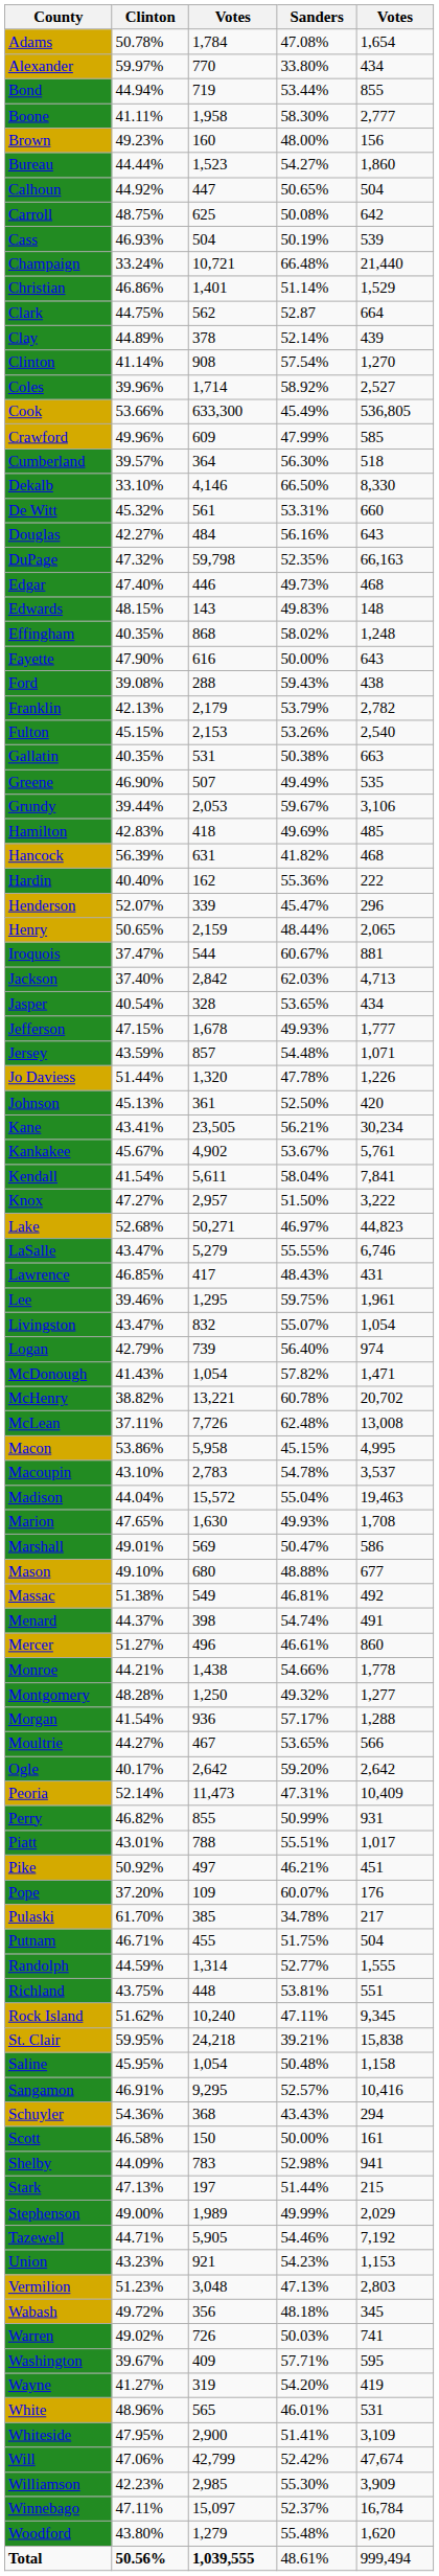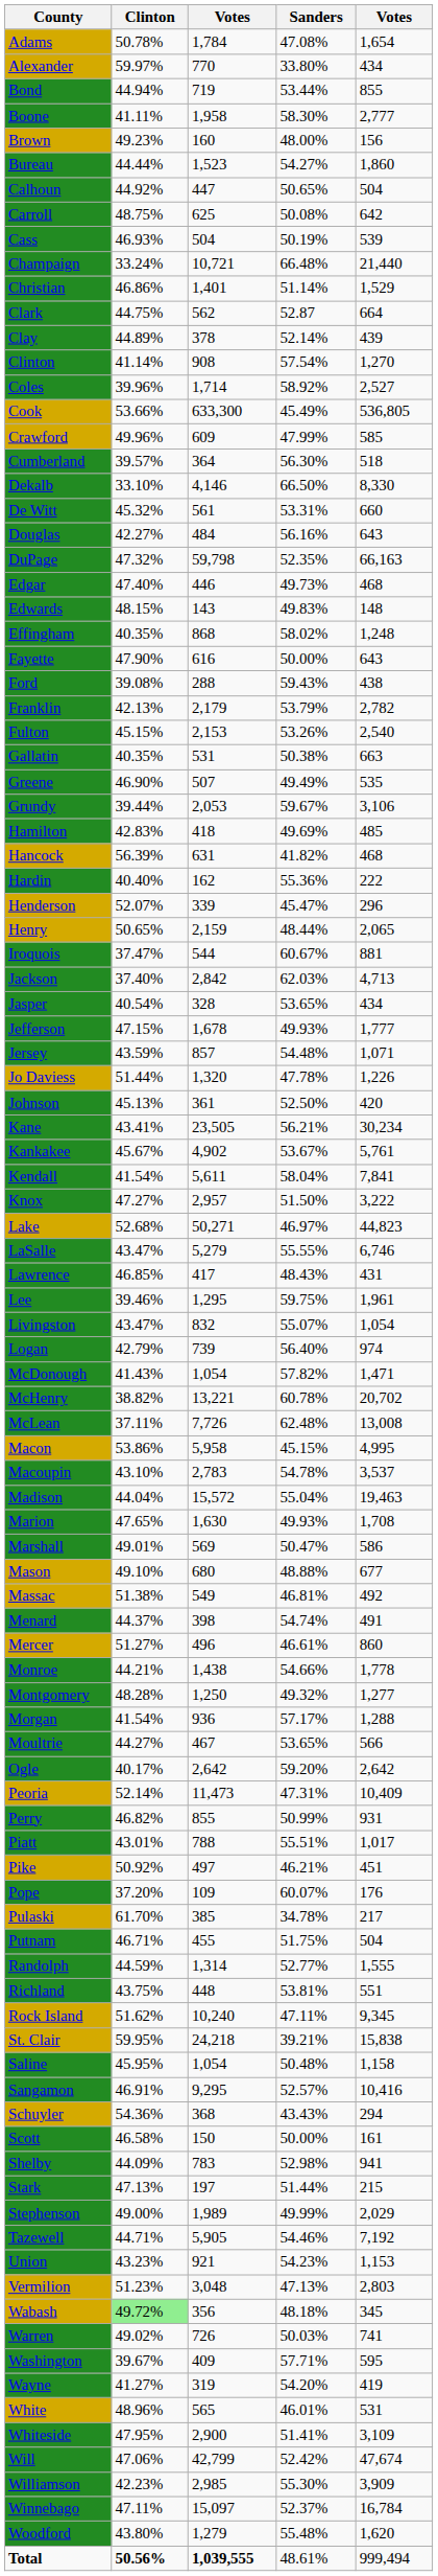 <table width="50%" class="wikitable sortable">
 <tr>
 <th width="10%">County</th>
 <th width="10%">Clinton</th>
 <th width="10%">Votes</th>
 <th width="10%">Sanders</th>
 <th width="10%">Votes</th>
 </tr>
 <tr>
 <td style="background:#D4AA00;"><a href='#'>Adams</a></td>
 <td>50.78%</td>
 <td>1,784</td>
 <td>47.08%</td>
 <td>1,654</td>
 </tr>
 <tr>
 <td style="background:#D4AA00;"><a href='#'>Alexander</a></td>
 <td>59.97%</td>
 <td>770</td>
 <td>33.80%</td>
 <td>434</td>
 </tr>
 <tr>
 <td style="background:#228B22;"><a href='#'>Bond</a></td>
 <td>44.94%</td>
 <td>719</td>
 <td>53.44%</td>
 <td>855</td>
 </tr>
 <tr>
 <td style="background:#228B22;"><a href='#'>Boone</a></td>
 <td>41.11%</td>
 <td>1,958</td>
 <td>58.30%</td>
 <td>2,777</td>
 </tr>
 <tr>
 <td style="background:#D4AA00;"><a href='#'>Brown</a></td>
 <td>49.23%</td>
 <td>160</td>
 <td>48.00%</td>
 <td>156</td>
 </tr>
 <tr>
 <td style="background:#228B22;"><a href='#'>Bureau</a></td>
 <td>44.44%</td>
 <td>1,523</td>
 <td>54.27%</td>
 <td>1,860</td>
 </tr>
 <tr>
 <td style="background:#228B22;"><a href='#'>Calhoun</a></td>
 <td>44.92%</td>
 <td>447</td>
 <td>50.65%</td>
 <td>504</td>
 </tr>
 <tr>
 <td style="background:#228B22;"><a href='#'>Carroll</a></td>
 <td>48.75%</td>
 <td>625</td>
 <td>50.08%</td>
 <td>642</td>
 </tr>
 <tr>
 <td style="background:#228B22;"><a href='#'>Cass</a></td>
 <td>46.93%</td>
 <td>504</td>
 <td>50.19%</td>
 <td>539</td>
 </tr>
 <tr>
 <td style="background:#228B22;"><a href='#'>Champaign</a></td>
 <td>33.24%</td>
 <td>10,721</td>
 <td>66.48%</td>
 <td>21,440</td>
 </tr>
 <tr>
 <td style="background:#228B22;"><a href='#'>Christian</a></td>
 <td>46.86%</td>
 <td>1,401</td>
 <td>51.14%</td>
 <td>1,529</td>
 </tr>
 <tr>
 <td style="background:#228B22;"><a href='#'>Clark</a></td>
 <td>44.75%</td>
 <td>562</td>
 <td>52.87</td>
 <td>664</td>
 </tr>
 <tr>
 <td style="background:#228B22;"><a href='#'>Clay</a></td>
 <td>44.89%</td>
 <td>378</td>
 <td>52.14%</td>
 <td>439</td>
 </tr>
 <tr>
 <td style="background:#228B22;"><a href='#'>Clinton</a></td>
 <td>41.14%</td>
 <td>908</td>
 <td>57.54%</td>
 <td>1,270</td>
 </tr>
 <tr>
 <td style="background:#228B22;"><a href='#'>Coles</a></td>
 <td>39.96%</td>
 <td>1,714</td>
 <td>58.92%</td>
 <td>2,527</td>
 </tr>
 <tr>
 <td style="background:#D4AA00;"><a href='#'>Cook</a></td>
 <td>53.66%</td>
 <td>633,300</td>
 <td>45.49%</td>
 <td>536,805</td>
 </tr>
 <tr>
 <td style="background:#D4AA00;"><a href='#'>Crawford</a></td>
 <td>49.96%</td>
 <td>609</td>
 <td>47.99%</td>
 <td>585</td>
 </tr>
 <tr>
 <td style="background:#228B22;"><a href='#'>Cumberland</a></td>
 <td>39.57%</td>
 <td>364</td>
 <td>56.30%</td>
 <td>518</td>
 </tr>
 <tr>
 <td style="background:#228B22;"><a href='#'>Dekalb</a></td>
 <td>33.10%</td>
 <td>4,146</td>
 <td>66.50%</td>
 <td>8,330</td>
 </tr>
 <tr>
 <td style="background:#228B22;"><a href='#'>De Witt</a></td>
 <td>45.32%</td>
 <td>561</td>
 <td>53.31%</td>
 <td>660</td>
 </tr>
 <tr>
 <td style="background:#228B22;"><a href='#'>Douglas</a></td>
 <td>42.27%</td>
 <td>484</td>
 <td>56.16%</td>
 <td>643</td>
 </tr>
 <tr>
 <td style="background:#228B22;"><a href='#'>DuPage</a></td>
 <td>47.32%</td>
 <td>59,798</td>
 <td>52.35%</td>
 <td>66,163</td>
 </tr>
 <tr>
 <td style="background:#228B22;"><a href='#'>Edgar</a></td>
 <td>47.40%</td>
 <td>446</td>
 <td>49.73%</td>
 <td>468</td>
 </tr>
 <tr>
 <td style="background:#228B22;"><a href='#'>Edwards</a></td>
 <td>48.15%</td>
 <td>143</td>
 <td>49.83%</td>
 <td>148</td>
 </tr>
 <tr>
 <td style="background:#228B22;"><a href='#'>Effingham</a></td>
 <td>40.35%</td>
 <td>868</td>
 <td>58.02%</td>
 <td>1,248</td>
 </tr>
 <tr>
 <td style="background:#228B22;"><a href='#'>Fayette</a></td>
 <td>47.90%</td>
 <td>616</td>
 <td>50.00%</td>
 <td>643</td>
 </tr>
 <tr>
 <td style="background:#228B22;"><a href='#'>Ford</a></td>
 <td>39.08%</td>
 <td>288</td>
 <td>59.43%</td>
 <td>438</td>
 </tr>
 <tr>
 <td style="background:#228B22;"><a href='#'>Franklin</a></td>
 <td>42.13%</td>
 <td>2,179</td>
 <td>53.79%</td>
 <td>2,782</td>
 </tr>
 <tr>
 <td style="background:#228B22;"><a href='#'>Fulton</a></td>
 <td>45.15%</td>
 <td>2,153</td>
 <td>53.26%</td>
 <td>2,540</td>
 </tr>
 <tr>
 <td style="background:#228B22;"><a href='#'>Gallatin</a></td>
 <td>40.35%</td>
 <td>531</td>
 <td>50.38%</td>
 <td>663</td>
 </tr>
 <tr>
 <td style="background:#228B22;"><a href='#'>Greene</a></td>
 <td>46.90%</td>
 <td>507</td>
 <td>49.49%</td>
 <td>535</td>
 </tr>
 <tr>
 <td style="background:#228B22;"><a href='#'>Grundy</a></td>
 <td>39.44%</td>
 <td>2,053</td>
 <td>59.67%</td>
 <td>3,106</td>
 </tr>
 <tr>
 <td style="background:#228B22;"><a href='#'>Hamilton</a></td>
 <td>42.83%</td>
 <td>418</td>
 <td>49.69%</td>
 <td>485</td>
 </tr>
 <tr>
 <td style="background:#D4AA00;"><a href='#'>Hancock</a></td>
 <td>56.39%</td>
 <td>631</td>
 <td>41.82%</td>
 <td>468</td>
 </tr>
 <tr>
 <td style="background:#228B22;"><a href='#'>Hardin</a></td>
 <td>40.40%</td>
 <td>162</td>
 <td>55.36%</td>
 <td>222</td>
 </tr>
 <tr>
 <td style="background:#D4AA00;"><a href='#'>Henderson</a></td>
 <td>52.07%</td>
 <td>339</td>
 <td>45.47%</td>
 <td>296</td>
 </tr>
 <tr>
 <td style="background:#D4AA00;"><a href='#'>Henry</a></td>
 <td>50.65%</td>
 <td>2,159</td>
 <td>48.44%</td>
 <td>2,065</td>
 </tr>
 <tr>
 <td style="background:#228B22;"><a href='#'>Iroquois</a></td>
 <td>37.47%</td>
 <td>544</td>
 <td>60.67%</td>
 <td>881</td>
 </tr>
 <tr>
 <td style="background:#228B22;"><a href='#'>Jackson</a></td>
 <td>37.40%</td>
 <td>2,842</td>
 <td>62.03%</td>
 <td>4,713</td>
 </tr>
 <tr>
 <td style="background:#228B22;"><a href='#'>Jasper</a></td>
 <td>40.54%</td>
 <td>328</td>
 <td>53.65%</td>
 <td>434</td>
 </tr>
 <tr>
 <td style="background:#228B22;"><a href='#'>Jefferson</a></td>
 <td>47.15%</td>
 <td>1,678</td>
 <td>49.93%</td>
 <td>1,777</td>
 </tr>
 <tr>
 <td style="background:#228B22;"><a href='#'>Jersey</a></td>
 <td>43.59%</td>
 <td>857</td>
 <td>54.48%</td>
 <td>1,071</td>
 </tr>
 <tr>
 <td style="background:#D4AA00;"><a href='#'>Jo Daviess</a></td>
 <td>51.44%</td>
 <td>1,320</td>
 <td>47.78%</td>
 <td>1,226</td>
 </tr>
 <tr>
 <td style="background:#228B22;"><a href='#'>Johnson</a></td>
 <td>45.13%</td>
 <td>361</td>
 <td>52.50%</td>
 <td>420</td>
 </tr>
 <tr>
 <td style="background:#228B22;"><a href='#'>Kane</a></td>
 <td>43.41%</td>
 <td>23,505</td>
 <td>56.21%</td>
 <td>30,234</td>
 </tr>
 <tr>
 <td style="background:#228B22;"><a href='#'>Kankakee</a></td>
 <td>45.67%</td>
 <td>4,902</td>
 <td>53.67%</td>
 <td>5,761</td>
 </tr>
 <tr>
 <td style="background:#228B22;"><a href='#'>Kendall</a></td>
 <td>41.54%</td>
 <td>5,611</td>
 <td>58.04%</td>
 <td>7,841</td>
 </tr>
 <tr>
 <td style="background:#228B22;"><a href='#'>Knox</a></td>
 <td>47.27%</td>
 <td>2,957</td>
 <td>51.50%</td>
 <td>3,222</td>
 </tr>
 <tr>
 <td style="background:#D4AA00;"><a href='#'>Lake</a></td>
 <td>52.68%</td>
 <td>50,271</td>
 <td>46.97%</td>
 <td>44,823</td>
 </tr>
 <tr>
 <td style="background:#228B22;"><a href='#'>LaSalle</a></td>
 <td>43.47%</td>
 <td>5,279</td>
 <td>55.55%</td>
 <td>6,746</td>
 </tr>
 <tr>
 <td style="background:#228B22;"><a href='#'>Lawrence</a></td>
 <td>46.85%</td>
 <td>417</td>
 <td>48.43%</td>
 <td>431</td>
 </tr>
 <tr>
 <td style="background:#228B22;"><a href='#'>Lee</a></td>
 <td>39.46%</td>
 <td>1,295</td>
 <td>59.75%</td>
 <td>1,961</td>
 </tr>
 <tr>
 <td style="background:#228B22;"><a href='#'>Livingston</a></td>
 <td>43.47%</td>
 <td>832</td>
 <td>55.07%</td>
 <td>1,054</td>
 </tr>
 <tr>
 <td style="background:#228B22;"><a href='#'>Logan</a></td>
 <td>42.79%</td>
 <td>739</td>
 <td>56.40%</td>
 <td>974</td>
 </tr>
 <tr>
 <td style="background:#228B22;"><a href='#'>McDonough</a></td>
 <td>41.43%</td>
 <td>1,054</td>
 <td>57.82%</td>
 <td>1,471</td>
 </tr>
 <tr>
 <td style="background:#228B22;"><a href='#'>McHenry</a></td>
 <td>38.82%</td>
 <td>13,221</td>
 <td>60.78%</td>
 <td>20,702</td>
 </tr>
 <tr>
 <td style="background:#228B22;"><a href='#'>McLean</a></td>
 <td>37.11%</td>
 <td>7,726</td>
 <td>62.48%</td>
 <td>13,008</td>
 </tr>
 <tr>
 <td style="background:#D4AA00;"><a href='#'>Macon</a></td>
 <td>53.86%</td>
 <td>5,958</td>
 <td>45.15%</td>
 <td>4,995</td>
 </tr>
 <tr>
 <td style="background:#228B22;"><a href='#'>Macoupin</a></td>
 <td>43.10%</td>
 <td>2,783</td>
 <td>54.78%</td>
 <td>3,537</td>
 </tr>
 <tr>
 <td style="background:#228B22;"><a href='#'>Madison</a></td>
 <td>44.04%</td>
 <td>15,572</td>
 <td>55.04%</td>
 <td>19,463</td>
 </tr>
 <tr>
 <td style="background:#228B22;"><a href='#'>Marion</a></td>
 <td>47.65%</td>
 <td>1,630</td>
 <td>49.93%</td>
 <td>1,708</td>
 </tr>
 <tr>
 <td style="background:#228B22;"><a href='#'>Marshall</a></td>
 <td>49.01%</td>
 <td>569</td>
 <td>50.47%</td>
 <td>586</td>
 </tr>
 <tr>
 <td style="background:#D4AA00;"><a href='#'>Mason</a></td>
 <td>49.10%</td>
 <td>680</td>
 <td>48.88%</td>
 <td>677</td>
 </tr>
 <tr>
 <td style="background:#D4AA00;"><a href='#'>Massac</a></td>
 <td>51.38%</td>
 <td>549</td>
 <td>46.81%</td>
 <td>492</td>
 </tr>
 <tr>
 <td style="background:#228B22;"><a href='#'>Menard</a></td>
 <td>44.37%</td>
 <td>398</td>
 <td>54.74%</td>
 <td>491</td>
 </tr>
 <tr>
 <td style="background:#D4AA00;"><a href='#'>Mercer</a></td>
 <td>51.27%</td>
 <td>496</td>
 <td>46.61%</td>
 <td>860</td>
 </tr>
 <tr>
 <td style="background:#228B22;"><a href='#'>Monroe</a></td>
 <td>44.21%</td>
 <td>1,438</td>
 <td>54.66%</td>
 <td>1,778</td>
 </tr>
 <tr>
 <td style="background:#228B22;"><a href='#'>Montgomery</a></td>
 <td>48.28%</td>
 <td>1,250</td>
 <td>49.32%</td>
 <td>1,277</td>
 </tr>
 <tr>
 <td style="background:#228B22;"><a href='#'>Morgan</a></td>
 <td>41.54%</td>
 <td>936</td>
 <td>57.17%</td>
 <td>1,288</td>
 </tr>
 <tr>
 <td style="background:#228B22;"><a href='#'>Moultrie</a></td>
 <td>44.27%</td>
 <td>467</td>
 <td>53.65%</td>
 <td>566</td>
 </tr>
 <tr>
 <td style="background:#228B22;"><a href='#'>Ogle</a></td>
 <td>40.17%</td>
 <td>2,642</td>
 <td>59.20%</td>
 <td>2,642</td>
 </tr>
 <tr>
 <td style="background:#D4AA00;"><a href='#'>Peoria</a></td>
 <td>52.14%</td>
 <td>11,473</td>
 <td>47.31%</td>
 <td>10,409</td>
 </tr>
 <tr>
 <td style="background:#228B22;"><a href='#'>Perry</a></td>
 <td>46.82%</td>
 <td>855</td>
 <td>50.99%</td>
 <td>931</td>
 </tr>
 <tr>
 <td style="background:#228B22;"><a href='#'>Piatt</a></td>
 <td>43.01%</td>
 <td>788</td>
 <td>55.51%</td>
 <td>1,017</td>
 </tr>
 <tr>
 <td style="background:#D4AA00;"><a href='#'>Pike</a></td>
 <td>50.92%</td>
 <td>497</td>
 <td>46.21%</td>
 <td>451</td>
 </tr>
 <tr>
 <td style="background:#228B22;"><a href='#'>Pope</a></td>
 <td>37.20%</td>
 <td>109</td>
 <td>60.07%</td>
 <td>176</td>
 </tr>
 <tr>
 <td style="background:#D4AA00;"><a href='#'>Pulaski</a></td>
 <td>61.70%</td>
 <td>385</td>
 <td>34.78%</td>
 <td>217</td>
 </tr>
 <tr>
 <td style="background:#228B22;"><a href='#'>Putnam</a></td>
 <td>46.71%</td>
 <td>455</td>
 <td>51.75%</td>
 <td>504</td>
 </tr>
 <tr>
 <td style="background:#228B22;"><a href='#'>Randolph</a></td>
 <td>44.59%</td>
 <td>1,314</td>
 <td>52.77%</td>
 <td>1,555</td>
 </tr>
 <tr>
 <td style="background:#228B22;"><a href='#'>Richland</a></td>
 <td>43.75%</td>
 <td>448</td>
 <td>53.81%</td>
 <td>551</td>
 </tr>
 <tr>
 <td style="background:#D4AA00;"><a href='#'>Rock Island</a></td>
 <td>51.62%</td>
 <td>10,240</td>
 <td>47.11%</td>
 <td>9,345</td>
 </tr>
 <tr>
 <td style="background:#D4AA00;"><a href='#'>St. Clair</a></td>
 <td>59.95%</td>
 <td>24,218</td>
 <td>39.21%</td>
 <td>15,838</td>
 </tr>
 <tr>
 <td style="background:#228B22;"><a href='#'>Saline</a></td>
 <td>45.95%</td>
 <td>1,054</td>
 <td>50.48%</td>
 <td>1,158</td>
 </tr>
 <tr>
 <td style="background:#228B22;"><a href='#'>Sangamon</a></td>
 <td>46.91%</td>
 <td>9,295</td>
 <td>52.57%</td>
 <td>10,416</td>
 </tr>
 <tr>
 <td style="background:#D4AA00;"><a href='#'>Schuyler</a></td>
 <td>54.36%</td>
 <td>368</td>
 <td>43.43%</td>
 <td>294</td>
 </tr>
 <tr>
 <td style="background:#228B22;"><a href='#'>Scott</a></td>
 <td>46.58%</td>
 <td>150</td>
 <td>50.00%</td>
 <td>161</td>
 </tr>
 <tr>
 <td style="background:#228B22;"><a href='#'>Shelby</a></td>
 <td>44.09%</td>
 <td>783</td>
 <td>52.98%</td>
 <td>941</td>
 </tr>
 <tr>
 <td style="background:#228B22;"><a href='#'>Stark</a></td>
 <td>47.13%</td>
 <td>197</td>
 <td>51.44%</td>
 <td>215</td>
 </tr>
 <tr>
 <td style="background:#228B22;"><a href='#'>Stephenson</a></td>
 <td>49.00%</td>
 <td>1,989</td>
 <td>49.99%</td>
 <td>2,029</td>
 </tr>
 <tr>
 <td style="background:#228B22;"><a href='#'>Tazewell</a></td>
 <td>44.71%</td>
 <td>5,905</td>
 <td>54.46%</td>
 <td>7,192</td>
 </tr>
 <tr>
 <td style="background:#228B22;"><a href='#'>Union</a></td>
 <td>43.23%</td>
 <td>921</td>
 <td>54.23%</td>
 <td>1,153</td>
 </tr>
 <tr>
 <td style="background:#D4AA00;"><a href='#'>Vermilion</a></td>
 <td>51.23%</td>
 <td>3,048</td>
 <td>47.13%</td>
 <td>2,803</td>
 </tr>
 <tr>
 <td style="background:#D4AA00;"><a href='#'>Wabash</a></td>
-<td>49.72%</td>
+<td style="background: lightgreen;">49.72%</td>
 <td>356</td>
 <td>48.18%</td>
 <td>345</td>
 </tr>
 <tr>
 <td style="background:#228B22;"><a href='#'>Warren</a></td>
 <td>49.02%</td>
 <td>726</td>
 <td>50.03%</td>
 <td>741</td>
 </tr>
 <tr>
 <td style="background:#228B22;"><a href='#'>Washington</a></td>
 <td>39.67%</td>
 <td>409</td>
 <td>57.71%</td>
 <td>595</td>
 </tr>
 <tr>
 <td style="background:#228B22;"><a href='#'>Wayne</a></td>
 <td>41.27%</td>
 <td>319</td>
 <td>54.20%</td>
 <td>419</td>
 </tr>
 <tr>
 <td style="background:#D4AA00;"><a href='#'>White</a></td>
 <td>48.96%</td>
 <td>565</td>
 <td>46.01%</td>
 <td>531</td>
 </tr>
 <tr>
 <td style="background:#228B22;"><a href='#'>Whiteside</a></td>
 <td>47.95%</td>
 <td>2,900</td>
 <td>51.41%</td>
 <td>3,109</td>
 </tr>
 <tr>
 <td style="background:#228B22;"><a href='#'>Will</a></td>
 <td>47.06%</td>
 <td>42,799</td>
 <td>52.42%</td>
 <td>47,674</td>
 </tr>
 <tr>
 <td style="background:#228B22;"><a href='#'>Williamson</a></td>
 <td>42.23%</td>
 <td>2,985</td>
 <td>55.30%</td>
 <td>3,909</td>
 </tr>
 <tr>
 <td style="background:#228B22;"><a href='#'>Winnebago</a></td>
 <td>47.11%</td>
 <td>15,097</td>
 <td>52.37%</td>
 <td>16,784</td>
 </tr>
 <tr>
 <td style="background:#228B22;"><a href='#'>Woodford</a></td>
 <td>43.80%</td>
 <td>1,279</td>
 <td>55.48%</td>
 <td>1,620</td>
 </tr>
 <tr>
 <td><strong>Total</strong></td>
 <td><strong>50.56%</strong></td>
 <td><strong>1,039,555</strong></td>
 <td>48.61%</td>
 <td>999,494</td>
 </tr>
 </table>
